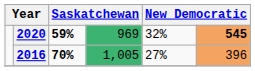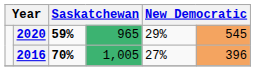 <table class="wikitable" style="width:400; font-size:90%; margin-left:1em;">
 <tr>
 <th colspan="2" scope="col">Year</th>
 <th colspan="2" scope="col"><a href='#'>Saskatchewan</a></th>
 <th colspan="2" scope="col"><a href='#'>New Democratic</a></th>
 </tr>
 <tr>
 <td rowspan="2" style="width: 0.25em; background-color: "></td>
 <th><a href='#'>2020</a></th>
 <td><strong>59%</strong></td>
-<td style="text-align:right; background:#3CB371;">969</td>
-<td>32%</td>
-<td style="text-align:right; background:#F4A460;"><strong>545</strong></td>
+<td style="text-align:right; background:#3CB371;">965</td>
+<td>29%</td>
+<td style="text-align:right; background:#F4A460;">545</td>
 </tr>
 <tr>
 <th><a href='#'>2016</a></th>
 <td><strong>70%</strong></td>
 <td style="text-align:right; background:#3CB371;">1,005</td>
 <td>27%</td>
 <td style="text-align:right; background:#F4A460;">396</td>
 </tr>
 <tr>
 </tr>
 </table>
